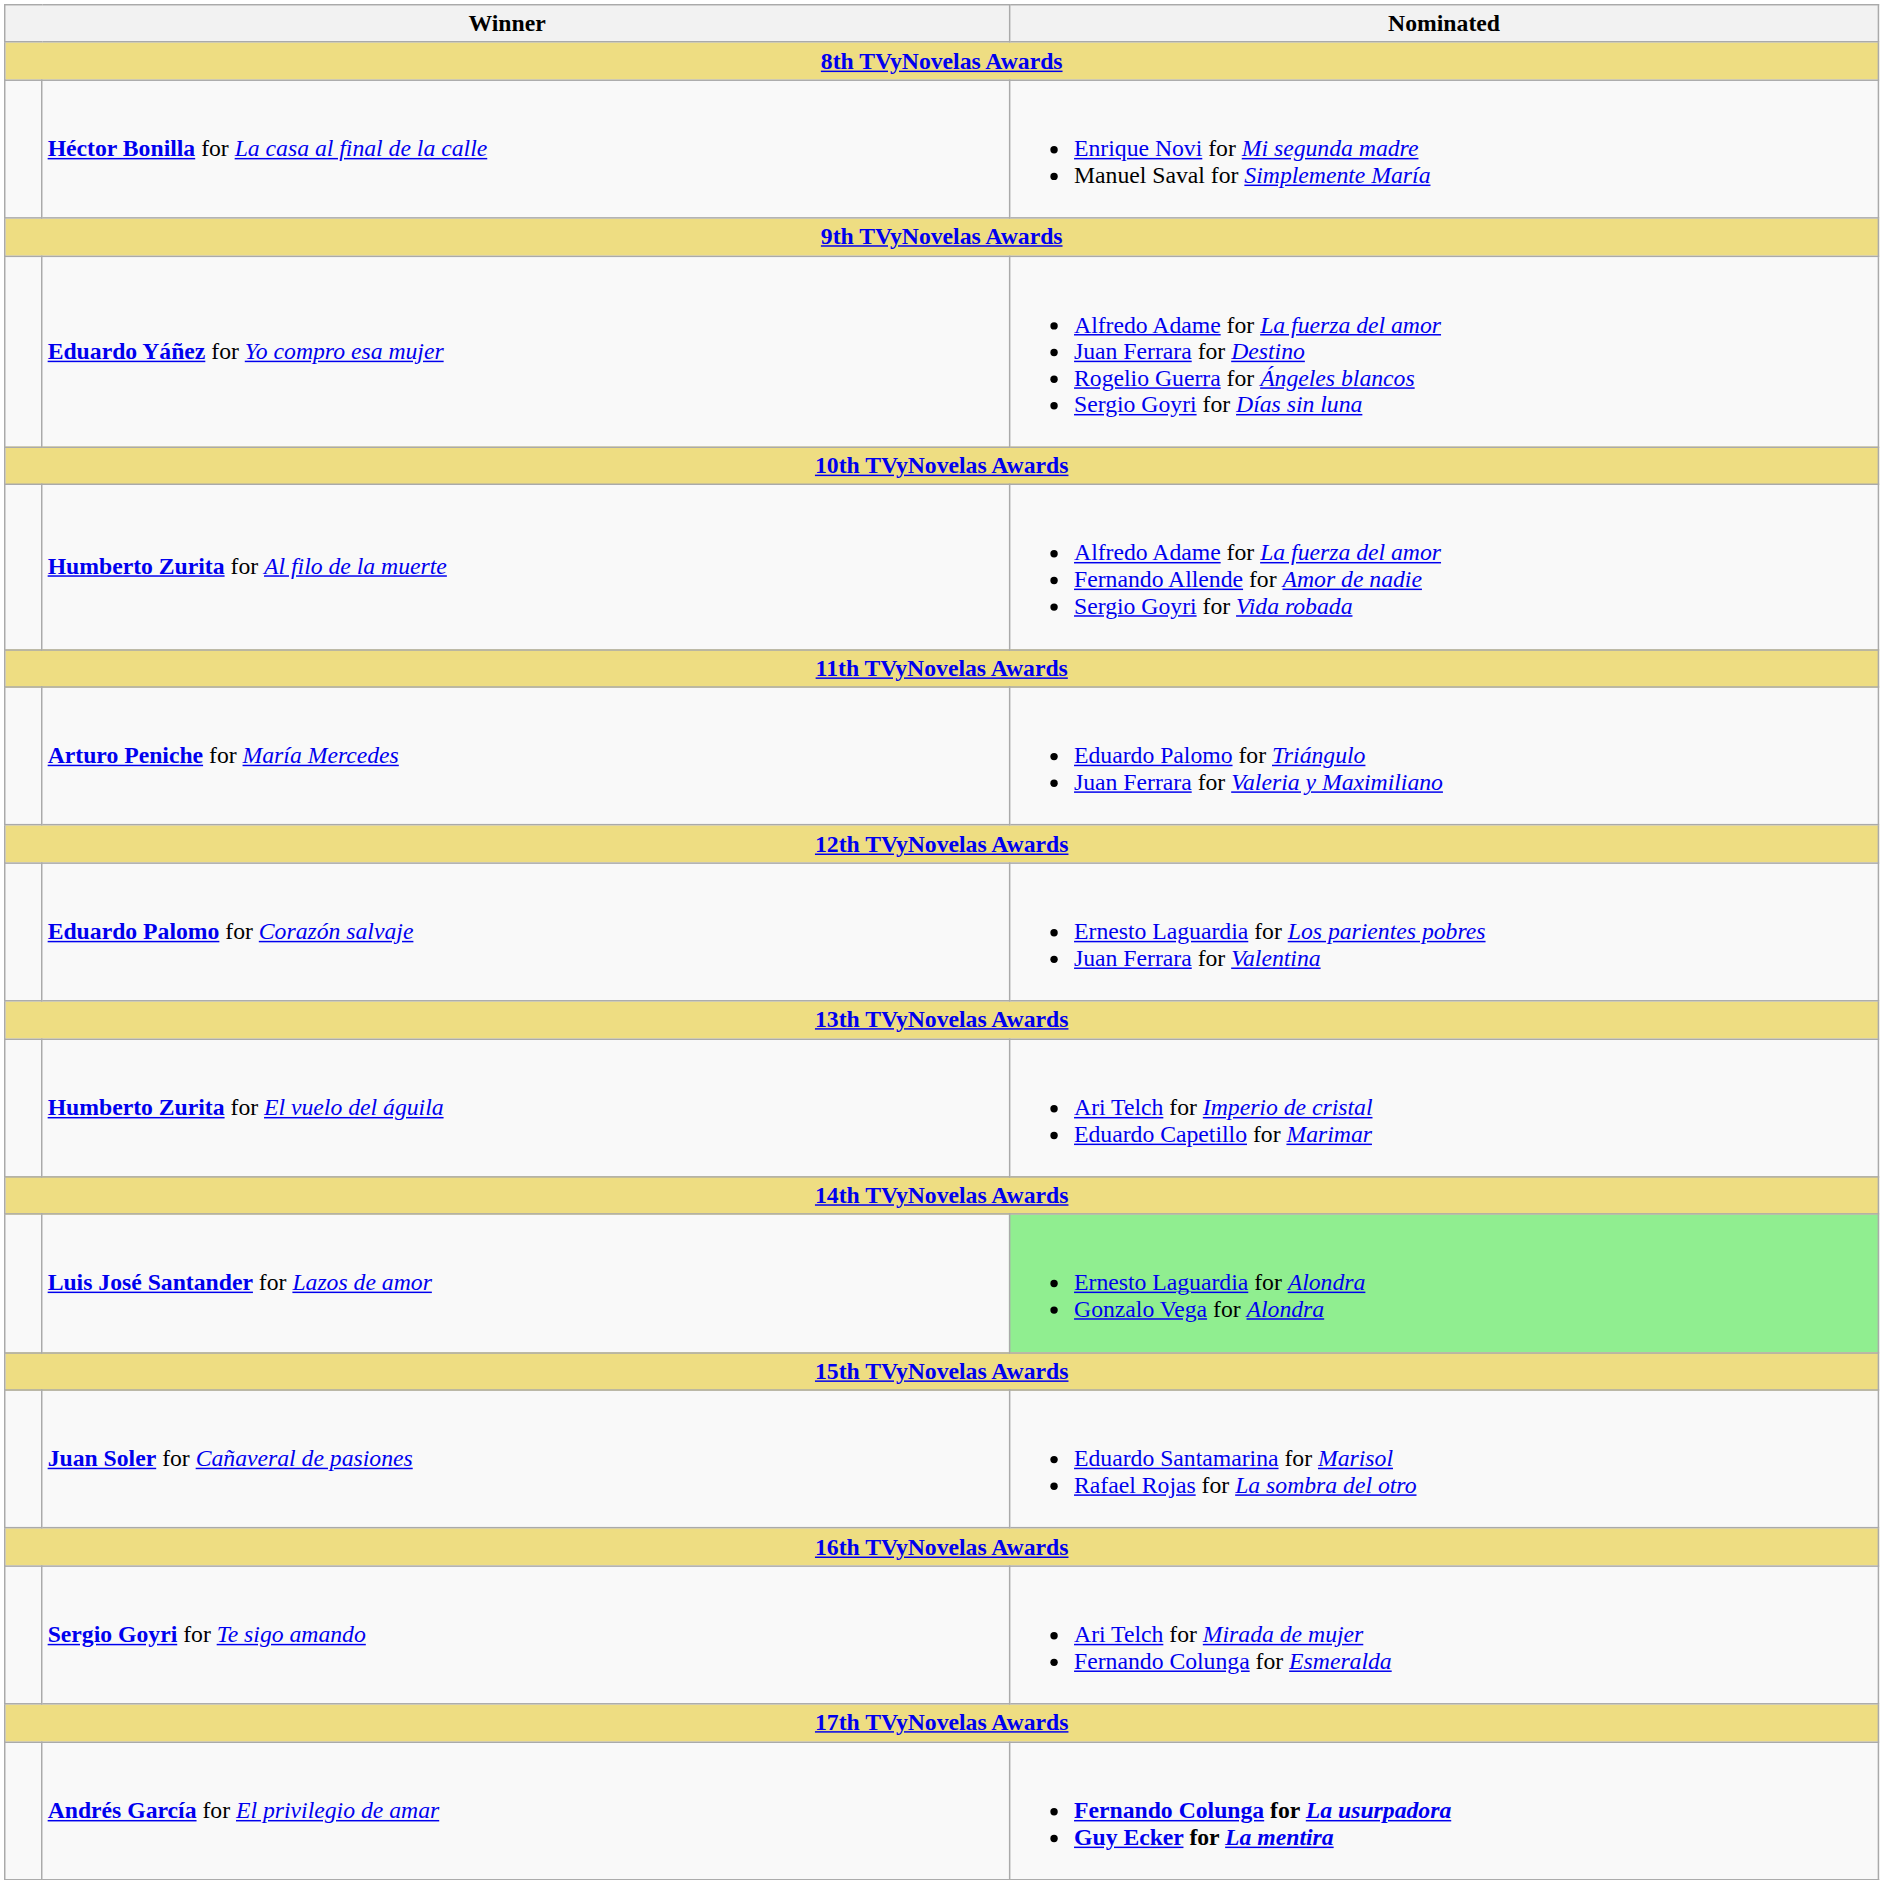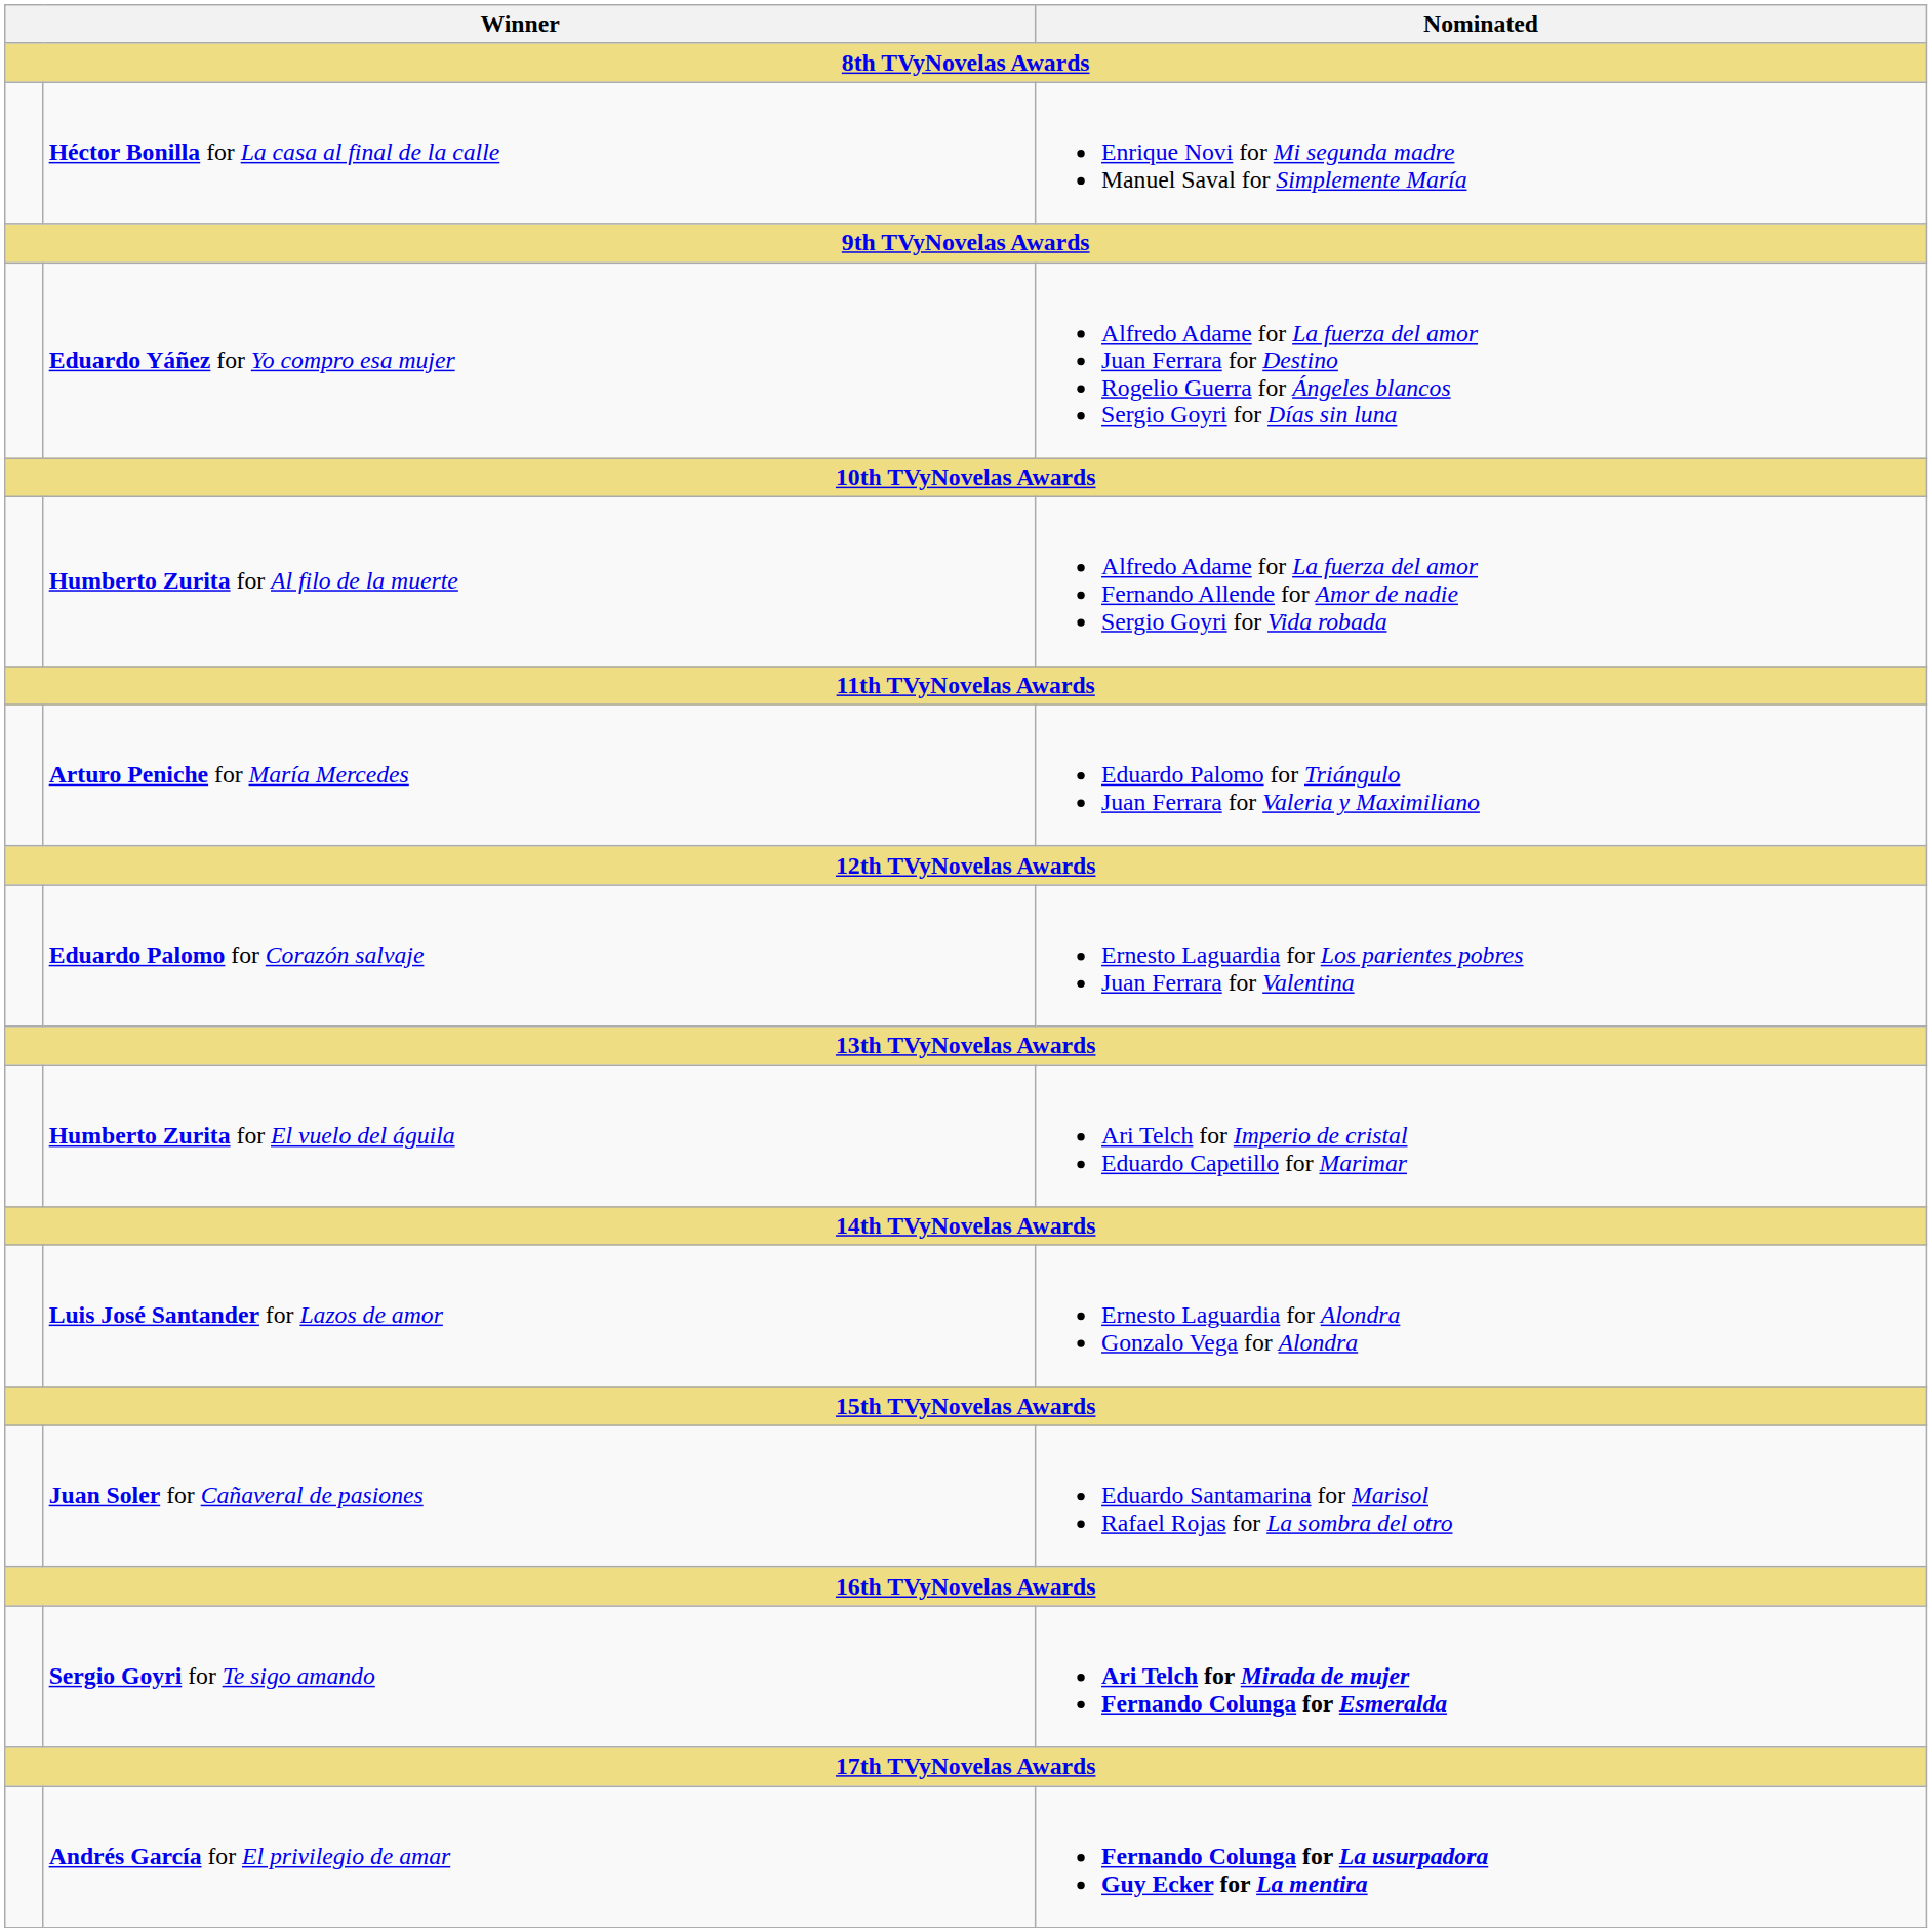 <table class="wikitable" width=80%>
 <tr align=center>
 <th width="150px;" colspan=2; align="center">Winner</th>
 <th width="580px;" align="center">Nominated</th>
 </tr>
 <tr>
 <th colspan=9 style="background:#EEDD82;"  align="center"><strong><a href='#'>8th TVyNovelas Awards</a></strong></th>
 </tr>
 <tr>
 <td width=2%></td>
 <td><strong><a href='#'>Héctor Bonilla</a></strong> for <em><a href='#'>La casa al final de la calle</a></em></td>
 <td><br><ul><li><a href='#'>Enrique Novi</a> for <em><a href='#'>Mi segunda madre</a></em></li><li>Manuel Saval  for <em><a href='#'>Simplemente María</a></em></li></ul></td>
 </tr>
 <tr>
 <th colspan=9 style="background:#EEDD82;"  align="center"><strong><a href='#'>9th TVyNovelas Awards</a></strong></th>
 </tr>
 <tr>
 <td width=2%></td>
 <td><strong><a href='#'>Eduardo Yáñez</a></strong> for <em><a href='#'>Yo compro esa mujer</a></em></td>
 <td><br><ul><li><a href='#'>Alfredo Adame</a> for <em><a href='#'>La fuerza del amor</a></em></li><li><a href='#'>Juan Ferrara</a>  for <em><a href='#'>Destino</a></em></li><li><a href='#'>Rogelio Guerra</a>  for <em><a href='#'>Ángeles blancos</a></em></li><li><a href='#'>Sergio Goyri</a>  for <em><a href='#'>Días sin luna</a></em></li></ul></td>
 </tr>
 <tr>
 <th colspan=9 style="background:#EEDD82;"  align="center"><strong><a href='#'>10th TVyNovelas Awards</a></strong></th>
 </tr>
 <tr>
 <td width=2%></td>
 <td><strong><a href='#'>Humberto Zurita</a></strong> for <em><a href='#'>Al filo de la muerte</a></em></td>
 <td><br><ul><li><a href='#'>Alfredo Adame</a> for <em><a href='#'>La fuerza del amor</a></em></li><li><a href='#'>Fernando Allende</a>  for <em><a href='#'>Amor de nadie</a></em></li><li><a href='#'>Sergio Goyri</a>  for <em><a href='#'>Vida robada</a></em></li></ul></td>
 </tr>
 <tr>
 <th colspan=9 style="background:#EEDD82;"  align="center"><strong><a href='#'>11th TVyNovelas Awards</a></strong></th>
 </tr>
 <tr>
 <td width=2%></td>
 <td><strong><a href='#'>Arturo Peniche</a></strong> for <em><a href='#'>María Mercedes</a></em></td>
 <td><br><ul><li><a href='#'>Eduardo Palomo</a> for <em><a href='#'>Triángulo</a></em></li><li><a href='#'>Juan Ferrara</a>  for <em><a href='#'>Valeria y Maximiliano</a></em></li></ul></td>
 </tr>
 <tr>
 <th colspan=9 style="background:#EEDD82;"  align="center"><strong><a href='#'>12th TVyNovelas Awards</a></strong></th>
 </tr>
 <tr>
 <td width=2%></td>
 <td><strong><a href='#'>Eduardo Palomo</a></strong> for <em><a href='#'>Corazón salvaje</a></em></td>
 <td><br><ul><li><a href='#'>Ernesto Laguardia</a> for <em><a href='#'>Los parientes pobres</a></em></li><li><a href='#'>Juan Ferrara</a>  for <em><a href='#'>Valentina</a></em></li></ul></td>
 </tr>
 <tr>
 <th colspan=9 style="background:#EEDD82;"  align="center"><strong><a href='#'>13th TVyNovelas Awards</a></strong></th>
 </tr>
 <tr>
 <td width=2%></td>
 <td><strong><a href='#'>Humberto Zurita</a></strong> for <em><a href='#'>El vuelo del águila</a></em></td>
 <td><br><ul><li><a href='#'>Ari Telch</a> for <em><a href='#'>Imperio de cristal</a></em></li><li><a href='#'>Eduardo Capetillo</a>  for <em><a href='#'>Marimar</a></em></li></ul></td>
 </tr>
 <tr>
 <th colspan=9 style="background:#EEDD82;"  align="center"><strong><a href='#'>14th TVyNovelas Awards</a></strong></th>
 </tr>
 <tr>
 <td width=2%></td>
 <td><strong><a href='#'>Luis José Santander</a></strong> for <em><a href='#'>Lazos de amor</a></em></td>
-<td style="background: lightgreen;"><br><ul><li><a href='#'>Ernesto Laguardia</a> for <em><a href='#'>Alondra</a></em></li><li><a href='#'>Gonzalo Vega</a>  for <em><a href='#'>Alondra</a></em></li></ul></td>
+<td><br><ul><li><a href='#'>Ernesto Laguardia</a> for <em><a href='#'>Alondra</a></em></li><li><a href='#'>Gonzalo Vega</a>  for <em><a href='#'>Alondra</a></em></li></ul></td>
 </tr>
 <tr>
 <th colspan=9 style="background:#EEDD82;"  align="center"><strong><a href='#'>15th TVyNovelas Awards</a></strong></th>
 </tr>
 <tr>
 <td width=2%></td>
 <td><strong><a href='#'>Juan Soler</a></strong> for <em><a href='#'>Cañaveral de pasiones</a></em></td>
 <td><br><ul><li><a href='#'>Eduardo Santamarina</a> for <em><a href='#'>Marisol</a></em></li><li><a href='#'>Rafael Rojas</a>  for <em><a href='#'>La sombra del otro</a></em></li></ul></td>
 </tr>
 <tr>
 <th colspan=9 style="background:#EEDD82;"  align="center"><strong><a href='#'>16th TVyNovelas Awards</a></strong></th>
 </tr>
 <tr>
 <td width=2%></td>
 <td><strong><a href='#'>Sergio Goyri</a></strong> for <em><a href='#'>Te sigo amando</a></em></td>
-<td><br><ul><li><a href='#'>Ari Telch</a> for <em><a href='#'>Mirada de mujer</a></em></li><li><a href='#'>Fernando Colunga</a>  for <em><a href='#'>Esmeralda</a></em></li></ul></td>
+<td><strong><br><ul><li><a href='#'>Ari Telch</a> for <em><a href='#'>Mirada de mujer</a></em></li><li><a href='#'>Fernando Colunga</a>  for <em><a href='#'>Esmeralda</a></em></li></ul></strong></td>
 </tr>
 <tr>
 <th colspan=9 style="background:#EEDD82;"  align="center"><strong><a href='#'>17th TVyNovelas Awards</a></strong></th>
 </tr>
 <tr>
 <td width=2%></td>
 <td><strong><a href='#'>Andrés García</a></strong> for <em><a href='#'>El privilegio de amar</a></em></td>
 <td><strong><br><ul><li><a href='#'>Fernando Colunga</a> for <em><a href='#'>La usurpadora</a></em></li><li><a href='#'>Guy Ecker</a>  for <em><a href='#'>La mentira</a></em></li></ul></strong></td>
 </tr>
 <tr>
 </tr>
 </table>
